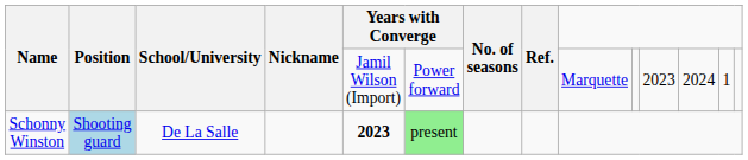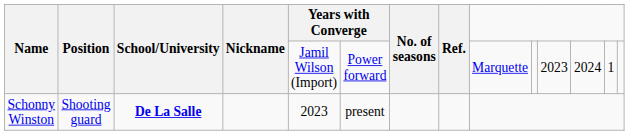 <table class="wikitable sortable" style="text-align:center" width="98%">
 <tr>
 <th style="width:180px;" rowspan="2">Name</th>
 <th style="width:180px;" rowspan="2">Position</th>
 <th style="width:250px;" rowspan="2">School/University</th>
 <th style="width:180px;" rowspan="2">Nickname</th>
 <th style="width:180px; text-align:center;" colspan="2">Years with Converge</th>
 <th rowspan="2">No. of seasons</th>
 <th rowspan="2"; class=unsortable>Ref.</th>
 </tr>
 <tr>
 <td><a href='#'>Jamil Wilson</a> (Import)</td>
 <td><a href='#'>Power forward</a></td>
 <td><a href='#'>Marquette</a></td>
 <td></td>
 <td>2023</td>
 <td>2024</td>
 <td>1</td>
 <td></td>
 </tr>
 <tr>
 <td><a href='#'>Schonny Winston</a></td>
-<td style="background: lightblue;"><a href='#'>Shooting guard</a></td>
-<td><a href='#'>De La Salle</a></td>
+<td><a href='#'>Shooting guard</a></td>
+<td><strong><a href='#'>De La Salle</a></strong></td>
 <td></td>
-<td><strong>2023</strong></td>
-<td style="background: lightgreen;">present</td>
+<td>2023</td>
+<td>present</td>
 <td></td>
 <td></td>
 </tr>
 </table>
